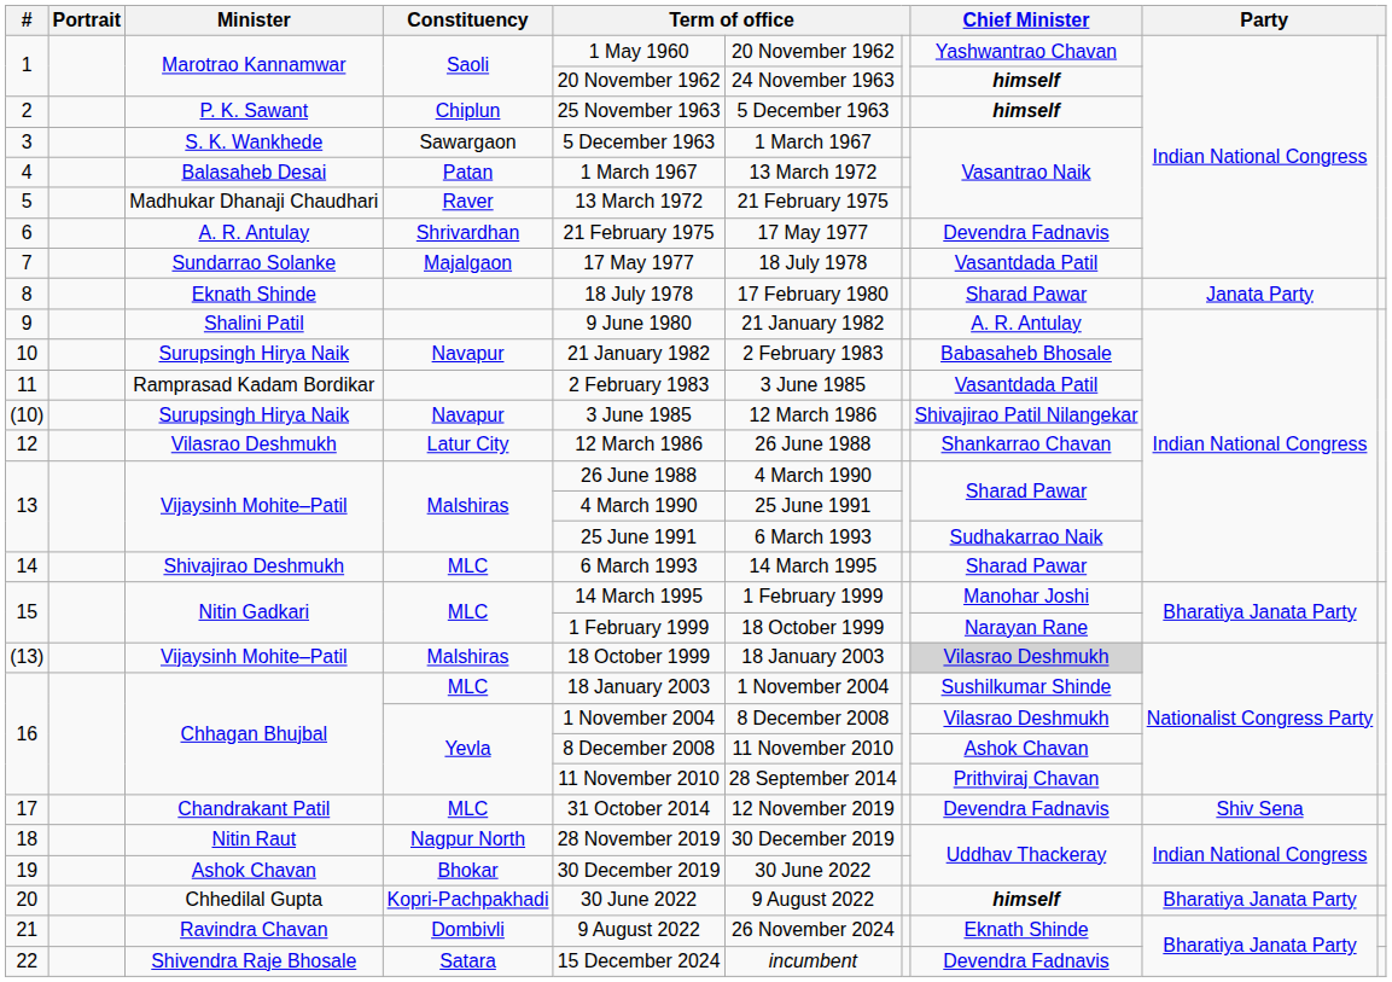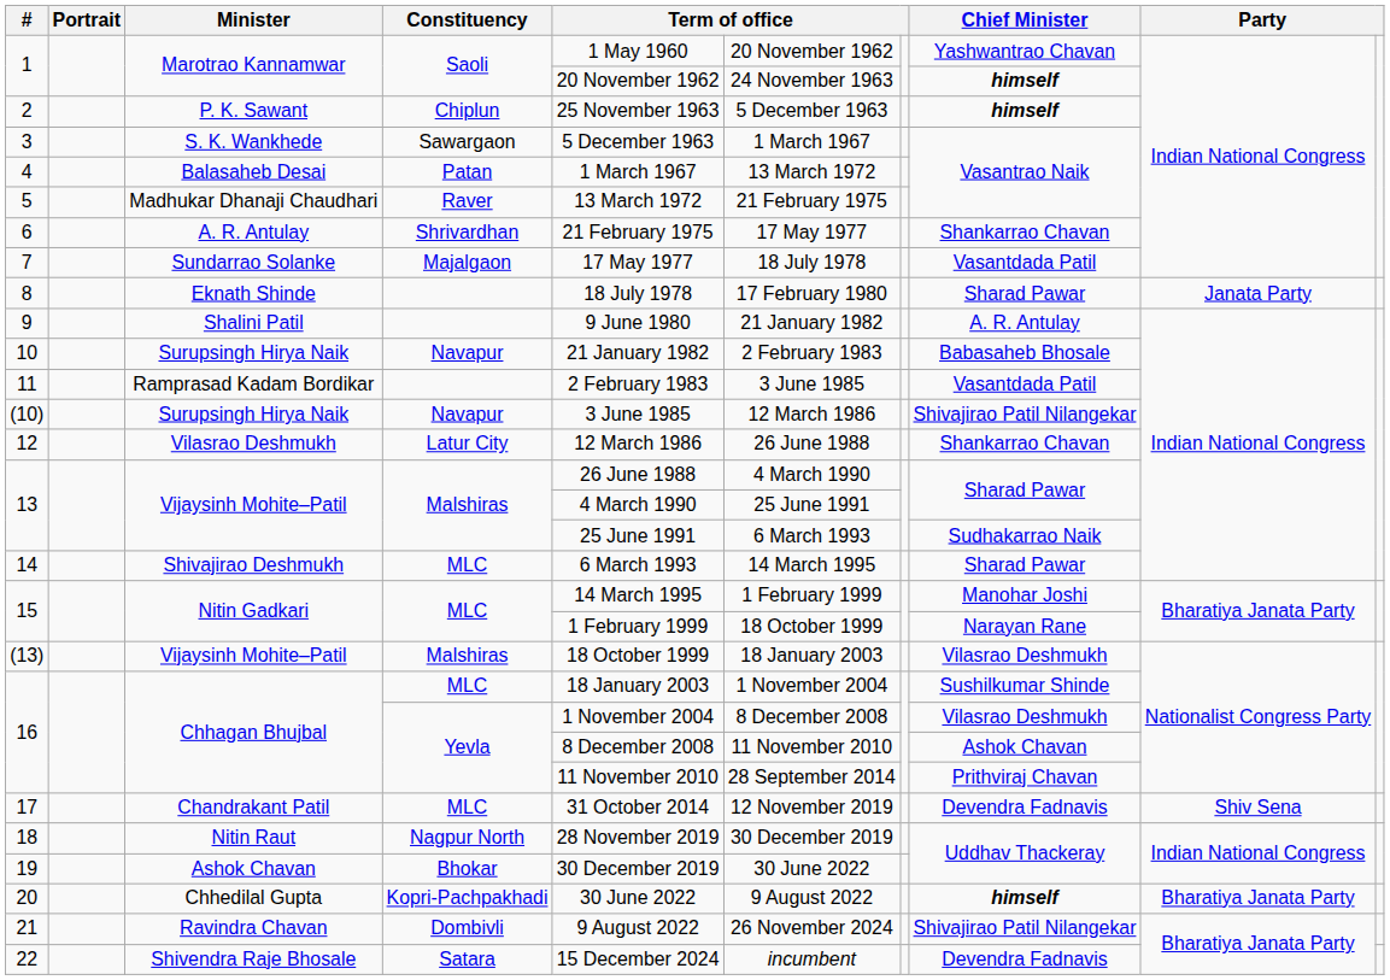 <table class="wikitable" style="text-align:center">
 <tr>
 <th>#</th>
 <th>Portrait</th>
 <th>Minister</th>
 <th>Constituency</th>
 <th colspan="3">Term of office</th>
 <th><a href='#'>Chief Minister</a></th>
 <th colspan="2">Party</th>
 </tr>
 <tr>
 <td rowspan="2">1</td>
 <td rowspan="2"></td>
 <td rowspan="2"><a href='#'>Marotrao Kannamwar</a></td>
 <td rowspan="2"><a href='#'>Saoli</a></td>
 <td>1 May 1960</td>
 <td>20 November 1962</td>
 <td rowspan="2"></td>
 <td><a href='#'>Yashwantrao Chavan</a></td>
 <td rowspan="8"><a href='#'>Indian National Congress</a></td>
 <td rowspan="8" style="background-color: "></td>
 </tr>
 <tr>
 <td>20 November 1962</td>
 <td>24 November 1963</td>
 <td><strong><em>himself</em></strong></td>
 </tr>
 <tr>
 <td>2</td>
 <td></td>
 <td><a href='#'>P. K. Sawant</a></td>
 <td><a href='#'>Chiplun</a></td>
 <td>25 November 1963</td>
 <td>5 December 1963</td>
 <td></td>
 <td><strong><em>himself</em></strong></td>
 </tr>
 <tr>
 <td>3</td>
 <td></td>
 <td><a href='#'>S. K. Wankhede</a></td>
 <td>Sawargaon</td>
 <td>5 December 1963</td>
 <td>1 March 1967</td>
 <td></td>
 <td rowspan="3"><a href='#'>Vasantrao Naik</a></td>
 </tr>
 <tr>
 <td>4</td>
 <td></td>
 <td><a href='#'>Balasaheb Desai</a></td>
 <td><a href='#'>Patan</a></td>
 <td>1 March 1967</td>
 <td>13 March 1972</td>
 <td></td>
 </tr>
 <tr>
 <td>5</td>
 <td></td>
 <td>Madhukar Dhanaji Chaudhari</td>
 <td><a href='#'>Raver</a></td>
 <td>13 March 1972</td>
 <td>21 February 1975</td>
 <td></td>
 </tr>
 <tr>
 <td>6</td>
 <td></td>
 <td><a href='#'>A. R. Antulay</a></td>
 <td><a href='#'>Shrivardhan</a></td>
 <td>21 February 1975</td>
 <td>17 May 1977</td>
 <td></td>
-<td><a href='#'>Devendra Fadnavis</a></td>
+<td><a href='#'>Shankarrao Chavan</a></td>
 </tr>
 <tr>
 <td>7</td>
 <td></td>
 <td><a href='#'>Sundarrao Solanke</a></td>
 <td><a href='#'>Majalgaon</a></td>
 <td>17 May 1977</td>
 <td>18 July 1978</td>
 <td></td>
 <td><a href='#'>Vasantdada Patil</a></td>
 </tr>
 <tr>
 <td>8</td>
 <td></td>
 <td><a href='#'>Eknath Shinde</a></td>
 <td></td>
 <td>18 July 1978</td>
 <td>17 February 1980</td>
 <td></td>
 <td><a href='#'>Sharad Pawar</a></td>
 <td><a href='#'>Janata Party</a></td>
 <td style="background-color: "></td>
 </tr>
 <tr>
 <td>9</td>
 <td></td>
 <td><a href='#'>Shalini Patil</a></td>
 <td></td>
 <td>9 June 1980</td>
 <td>21 January 1982</td>
 <td></td>
 <td><a href='#'>A. R. Antulay</a></td>
 <td rowspan="9"><a href='#'>Indian National Congress</a></td>
 <td rowspan="9" style="background-color: "></td>
 </tr>
 <tr>
 <td>10</td>
 <td></td>
 <td><a href='#'>Surupsingh Hirya Naik</a></td>
 <td><a href='#'>Navapur</a></td>
 <td>21 January 1982</td>
 <td>2 February 1983</td>
 <td></td>
 <td><a href='#'>Babasaheb Bhosale</a></td>
 </tr>
 <tr>
 <td>11</td>
 <td></td>
 <td>Ramprasad Kadam Bordikar</td>
 <td></td>
 <td>2 February 1983</td>
 <td>3 June 1985</td>
 <td></td>
 <td><a href='#'>Vasantdada Patil</a></td>
 </tr>
 <tr>
 <td>(10)</td>
 <td></td>
 <td><a href='#'>Surupsingh Hirya Naik</a></td>
 <td><a href='#'>Navapur</a></td>
 <td>3 June 1985</td>
 <td>12 March 1986</td>
 <td></td>
 <td><a href='#'>Shivajirao Patil Nilangekar</a></td>
 </tr>
 <tr>
 <td>12</td>
 <td></td>
 <td><a href='#'>Vilasrao Deshmukh</a></td>
 <td><a href='#'>Latur City</a></td>
 <td>12 March 1986</td>
 <td>26 June 1988</td>
 <td></td>
 <td><a href='#'>Shankarrao Chavan</a></td>
 </tr>
 <tr>
 <td rowspan="3">13</td>
 <td rowspan="3"></td>
 <td rowspan="3"><a href='#'>Vijaysinh Mohite–Patil</a></td>
 <td rowspan="3"><a href='#'>Malshiras</a></td>
 <td>26 June 1988</td>
 <td>4 March 1990</td>
 <td rowspan="3"></td>
 <td rowspan="2"><a href='#'>Sharad Pawar</a></td>
 </tr>
 <tr>
 <td>4 March 1990</td>
 <td>25 June 1991</td>
 </tr>
 <tr>
 <td>25 June 1991</td>
 <td>6 March 1993</td>
 <td><a href='#'>Sudhakarrao Naik</a></td>
 </tr>
 <tr>
 <td>14</td>
 <td></td>
 <td><a href='#'>Shivajirao Deshmukh</a></td>
 <td><a href='#'>MLC</a></td>
 <td>6 March 1993</td>
 <td>14 March 1995</td>
 <td></td>
 <td><a href='#'>Sharad Pawar</a></td>
 </tr>
 <tr>
 <td rowspan="2">15</td>
 <td rowspan="2"></td>
 <td rowspan="2"><a href='#'>Nitin Gadkari</a></td>
 <td rowspan="2"><a href='#'>MLC</a></td>
 <td>14 March 1995</td>
 <td>1 February 1999</td>
 <td rowspan="2"></td>
 <td><a href='#'>Manohar Joshi</a></td>
 <td rowspan="2"><a href='#'>Bharatiya Janata Party</a></td>
 <td rowspan="2" style="background-color: "></td>
 </tr>
 <tr>
 <td>1 February 1999</td>
 <td>18 October 1999</td>
 <td><a href='#'>Narayan Rane</a></td>
 </tr>
 <tr>
 <td>(13)</td>
 <td></td>
 <td><a href='#'>Vijaysinh Mohite–Patil</a></td>
 <td><a href='#'>Malshiras</a></td>
 <td>18 October 1999</td>
 <td>18 January 2003</td>
 <td></td>
-<td style="background: lightgrey;"><a href='#'>Vilasrao Deshmukh</a></td>
+<td><a href='#'>Vilasrao Deshmukh</a></td>
 <td rowspan="5"><a href='#'>Nationalist Congress Party</a></td>
 <td rowspan="5" style="background-color: "></td>
 </tr>
 <tr>
 <td rowspan="4">16</td>
 <td rowspan="4"></td>
 <td rowspan="4"><a href='#'>Chhagan Bhujbal</a></td>
 <td><a href='#'>MLC</a></td>
 <td>18 January 2003</td>
 <td>1 November 2004</td>
 <td rowspan="4"></td>
 <td><a href='#'>Sushilkumar Shinde</a></td>
 </tr>
 <tr>
 <td rowspan="3"><a href='#'>Yevla</a></td>
 <td>1 November 2004</td>
 <td>8 December 2008</td>
 <td><a href='#'>Vilasrao Deshmukh</a></td>
 </tr>
 <tr>
 <td>8 December 2008</td>
 <td>11 November 2010</td>
 <td><a href='#'>Ashok Chavan</a></td>
 </tr>
 <tr>
 <td>11 November 2010</td>
 <td>28 September 2014</td>
 <td><a href='#'>Prithviraj Chavan</a></td>
 </tr>
 <tr>
 <td>17</td>
 <td></td>
 <td><a href='#'>Chandrakant Patil</a></td>
 <td><a href='#'>MLC</a></td>
 <td>31 October 2014</td>
 <td>12 November 2019</td>
 <td></td>
 <td><a href='#'>Devendra Fadnavis</a></td>
 <td><a href='#'>Shiv Sena</a></td>
 <td style="background-color: "></td>
 </tr>
 <tr>
 <td>18</td>
 <td></td>
 <td><a href='#'>Nitin Raut</a></td>
 <td><a href='#'>Nagpur North</a></td>
 <td>28 November 2019</td>
 <td>30 December 2019</td>
 <td></td>
 <td rowspan="2"><a href='#'>Uddhav Thackeray</a></td>
 <td rowspan="2"><a href='#'>Indian National Congress</a></td>
 <td rowspan="2" style="background-color: "></td>
 </tr>
 <tr>
 <td>19</td>
 <td></td>
 <td><a href='#'>Ashok Chavan</a></td>
 <td><a href='#'>Bhokar</a></td>
 <td>30 December 2019</td>
 <td>30 June 2022</td>
 <td></td>
 </tr>
 <tr>
 <td>20</td>
 <td></td>
 <td>Chhedilal Gupta</td>
 <td><a href='#'>Kopri-Pachpakhadi</a></td>
 <td>30 June 2022</td>
 <td>9 August 2022</td>
 <td></td>
 <td><strong><em>himself</em></strong></td>
 <td><a href='#'>Bharatiya Janata Party</a></td>
 <td style="background-color: "></td>
 </tr>
 <tr>
 <td>21</td>
 <td></td>
 <td><a href='#'>Ravindra Chavan</a></td>
 <td><a href='#'>Dombivli</a></td>
 <td>9 August 2022</td>
 <td>26 November 2024</td>
 <td></td>
-<td><a href='#'>Eknath Shinde</a></td>
+<td><a href='#'>Shivajirao Patil Nilangekar</a></td>
 <td rowspan="2"><a href='#'>Bharatiya Janata Party</a></td>
 <td style="background-color: "></td>
 </tr>
 <tr>
 <td>22</td>
 <td></td>
 <td><a href='#'>Shivendra Raje Bhosale</a></td>
 <td><a href='#'>Satara</a></td>
 <td>15 December 2024</td>
 <td><em>incumbent</em></td>
 <td></td>
 <td><a href='#'>Devendra Fadnavis</a></td>
 <td></td>
 </tr>
 </table>
